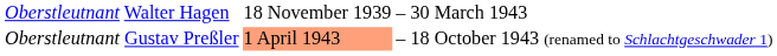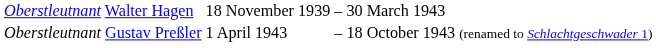 <table>
 <tr>
 <td><em><a href='#'>Oberstleutnant</a></em> <a href='#'>Walter Hagen</a></td>
 <td>18 November 1939</td>
 <td>–</td>
 <td>30 March 1943</td>
 </tr>
 <tr>
 <td><em>Oberstleutnant</em> <a href='#'>Gustav Preßler</a></td>
-<td style="background: lightsalmon;">1 April 1943</td>
+<td>1 April 1943</td>
 <td>–</td>
 <td>18 October 1943 <small>(renamed to <a href='#'><em>Schlachtgeschwader</em> 1</a>)</small></td>
 </tr>
 </table>
